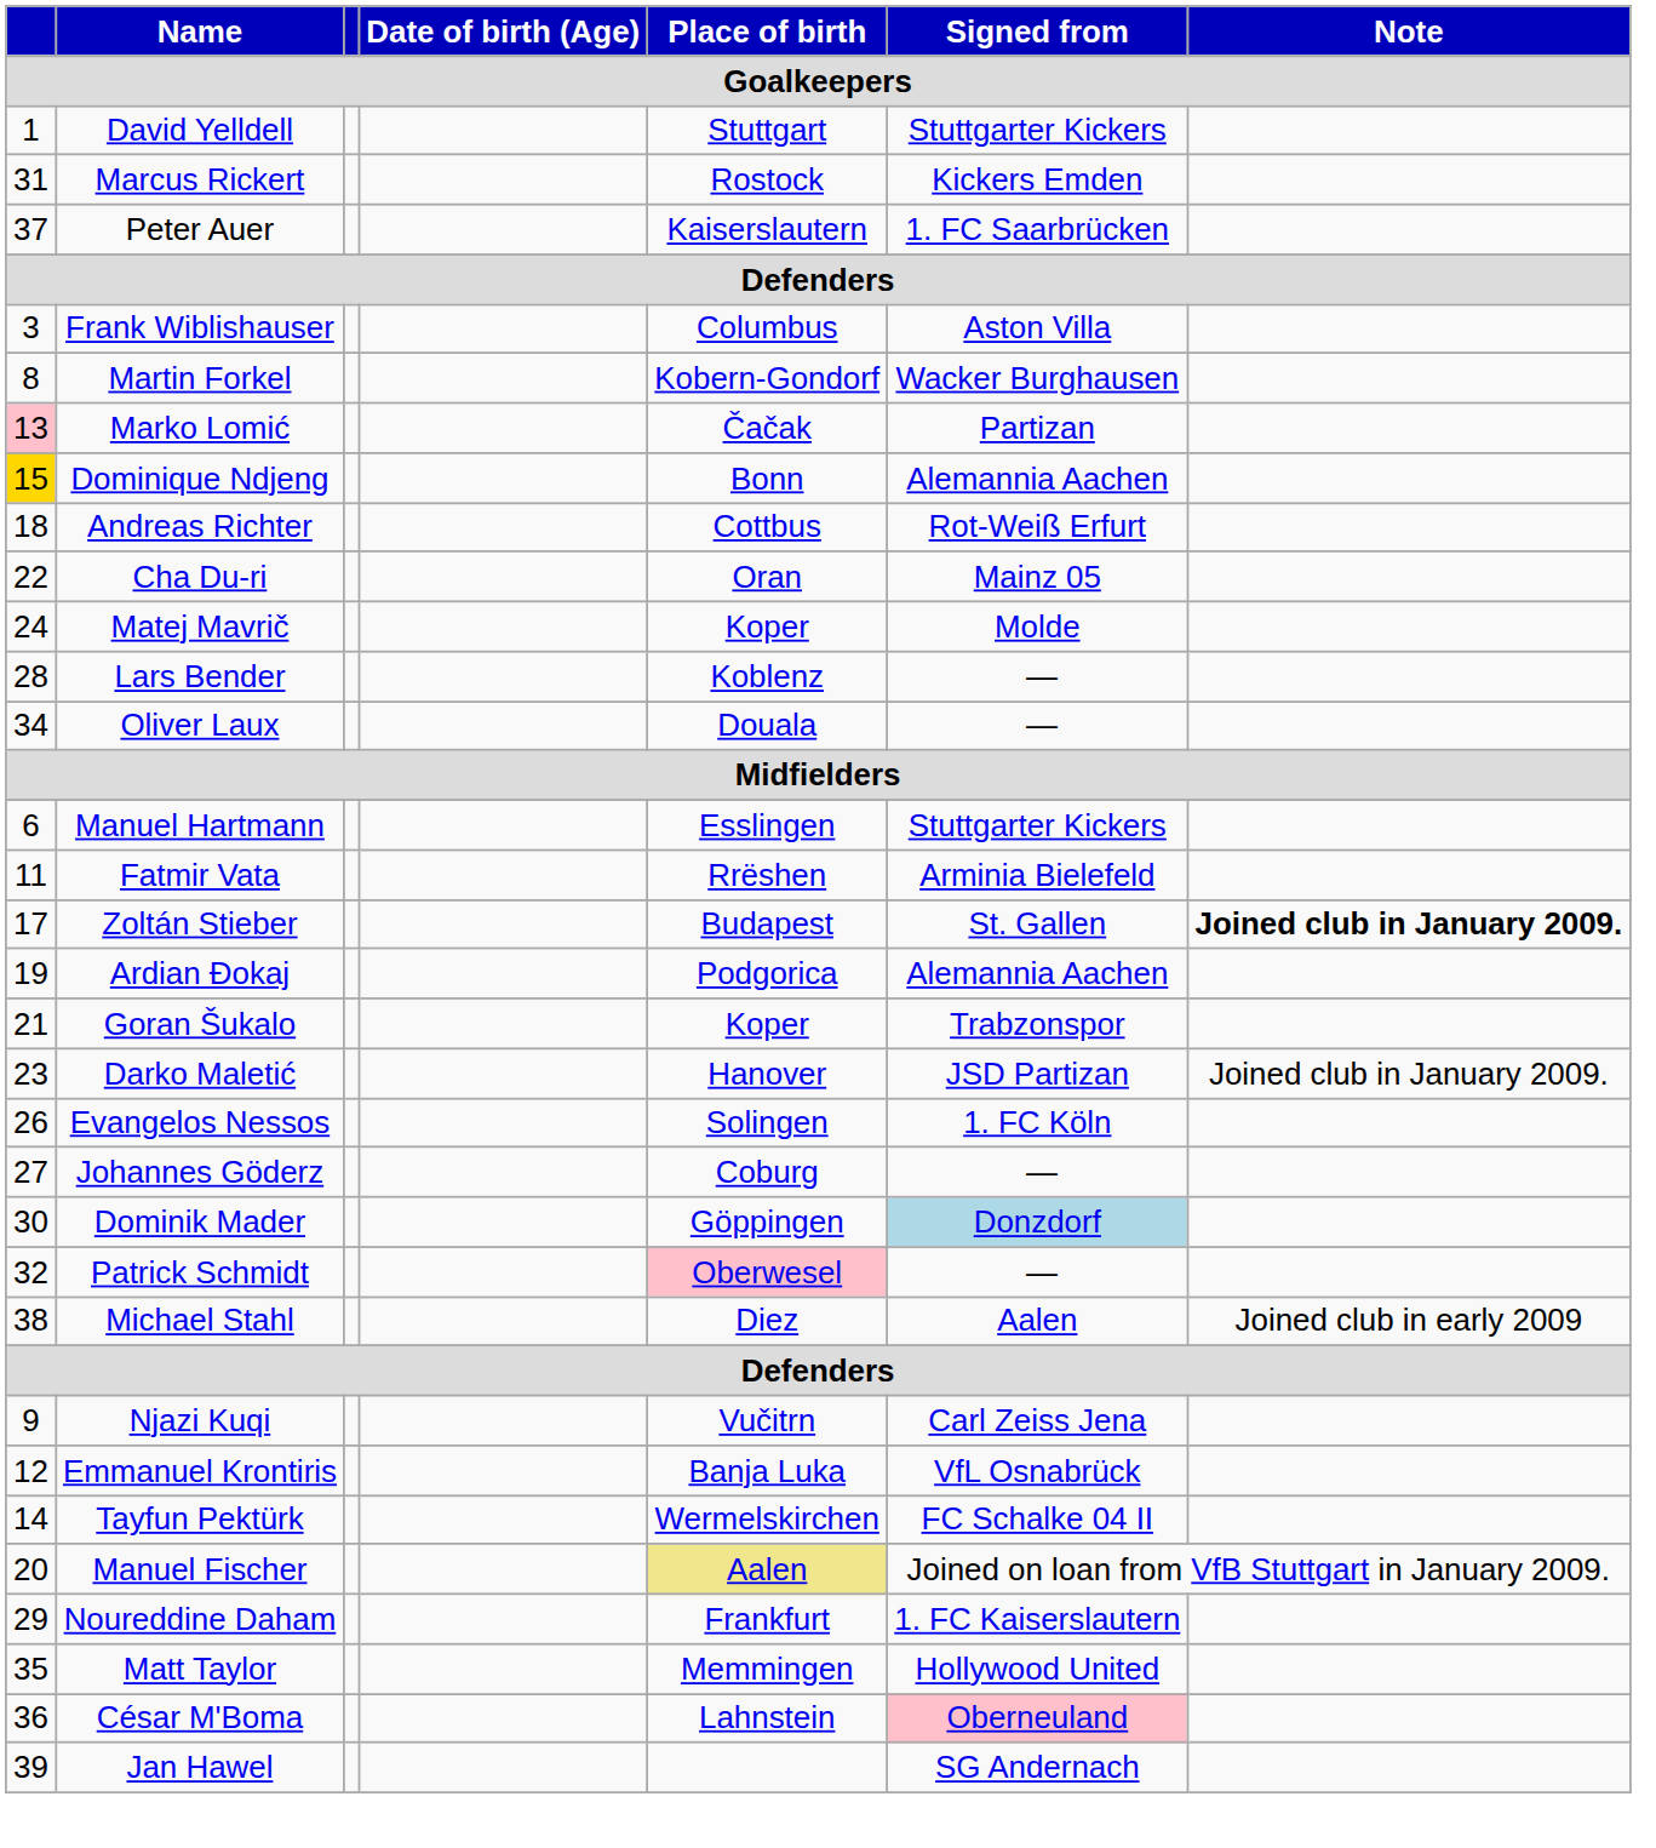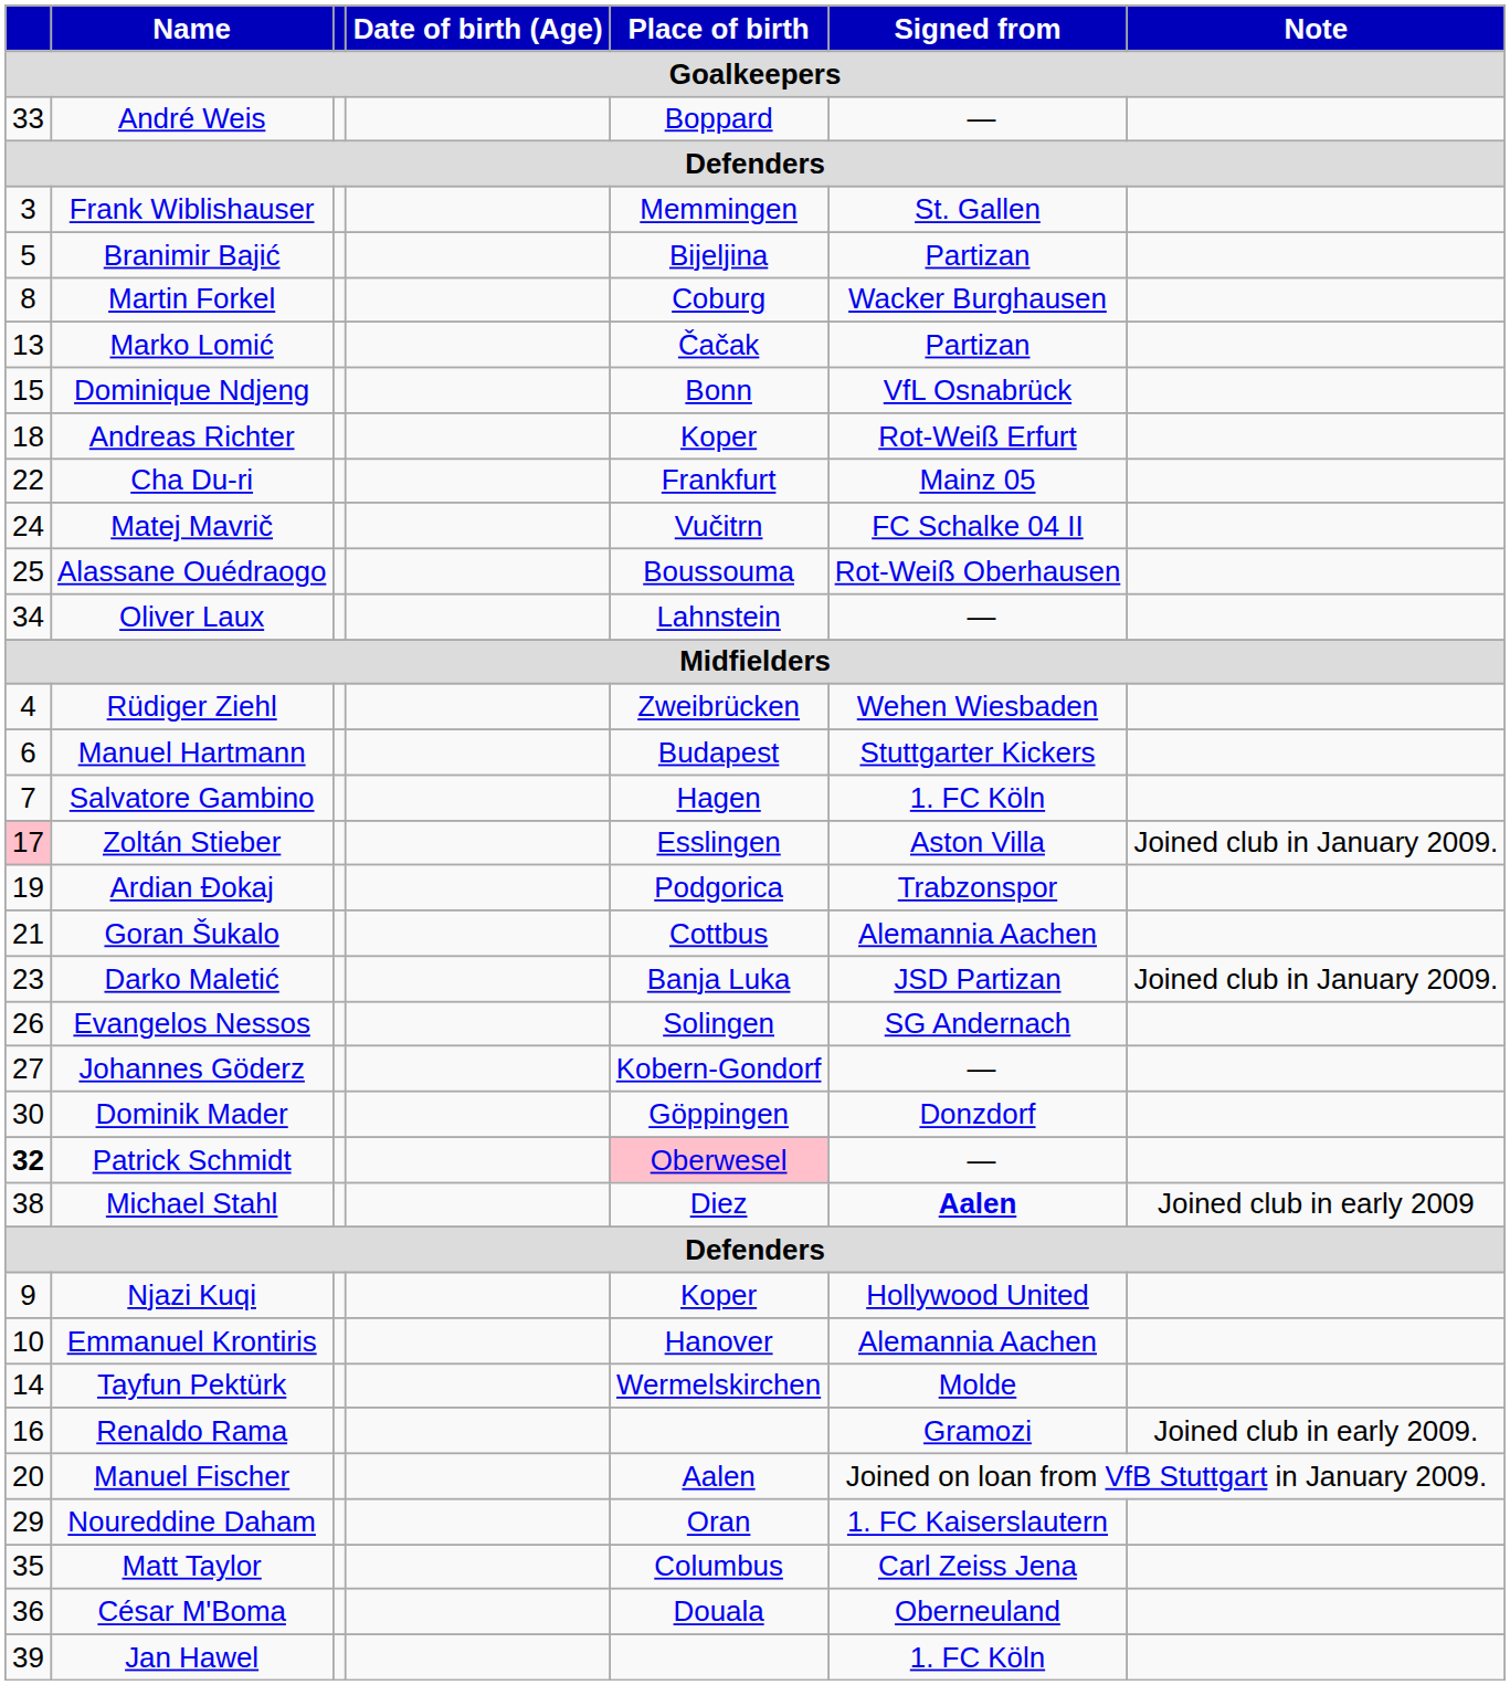 <table class="wikitable" style="text-align:center; font-size:90%;">
 <tr>
 <th style="background:#0000BB; color:white; text-align:center;"></th>
 <th style="background:#0000BB; color:white; text-align:center;">Name</th>
 <th style="background:#0000BB; color:white; text-align:center;"></th>
 <th style="background:#0000BB; color:white; text-align:center;">Date of birth (Age)</th>
 <th style="background:#0000BB; color:white; text-align:center;">Place of birth</th>
 <th style="background:#0000BB; color:white; text-align:center;">Signed from</th>
 <th style="background:#0000BB; color:white; text-align:center;">Note</th>
 </tr>
 <tr>
 <th colspan="7" style="background:#dcdcdc; text-align:center;">Goalkeepers</th>
 </tr>
 <tr>
-<td>1</td>
-<td><a href='#'>David Yelldell</a></td>
+<td>33</td>
+<td><a href='#'>André Weis</a></td>
 <td></td>
 <td></td>
-<td><a href='#'>Stuttgart</a></td>
-<td><a href='#'>Stuttgarter Kickers</a></td>
-<td></td>
-</tr>
-<tr>
-<td>31</td>
-<td><a href='#'>Marcus Rickert</a></td>
-<td></td>
-<td></td>
-<td><a href='#'>Rostock</a></td>
-<td><a href='#'>Kickers Emden</a></td>
-<td></td>
-</tr>
-<tr>
-<td>37</td>
-<td>Peter Auer</td>
-<td></td>
-<td></td>
-<td><a href='#'>Kaiserslautern</a></td>
-<td><a href='#'>1. FC Saarbrücken</a></td>
+<td><a href='#'>Boppard</a></td>
+<td> —</td>
 <td></td>
 </tr>
 <tr>
 <th colspan="7" style="background:#dcdcdc; text-align:center;">Defenders</th>
 </tr>
 <tr>
 <td>3</td>
 <td><a href='#'>Frank Wiblishauser</a></td>
 <td></td>
 <td></td>
-<td><a href='#'>Columbus</a></td>
-<td><a href='#'>Aston Villa</a></td>
+<td><a href='#'>Memmingen</a></td>
+<td><a href='#'>St. Gallen</a></td>
+<td></td>
+</tr>
+<tr>
+<td>5</td>
+<td><a href='#'>Branimir Bajić</a></td>
+<td></td>
+<td></td>
+<td><a href='#'>Bijeljina</a></td>
+<td><a href='#'>Partizan</a></td>
 <td></td>
 </tr>
 <tr>
 <td>8</td>
 <td><a href='#'>Martin Forkel</a></td>
 <td></td>
 <td></td>
-<td><a href='#'>Kobern-Gondorf</a></td>
+<td><a href='#'>Coburg</a></td>
 <td><a href='#'>Wacker Burghausen</a></td>
 <td></td>
 </tr>
 <tr>
-<td style="background: pink;">13</td>
+<td>13</td>
 <td><a href='#'>Marko Lomić</a></td>
 <td></td>
 <td></td>
 <td><a href='#'>Čačak</a></td>
 <td><a href='#'>Partizan</a></td>
 <td></td>
 </tr>
 <tr>
-<td style="background: gold;">15</td>
+<td>15</td>
 <td><a href='#'>Dominique Ndjeng</a></td>
 <td></td>
 <td></td>
 <td><a href='#'>Bonn</a></td>
-<td><a href='#'>Alemannia Aachen</a></td>
+<td><a href='#'>VfL Osnabrück</a></td>
 <td></td>
 </tr>
 <tr>
 <td>18</td>
 <td><a href='#'>Andreas Richter</a></td>
 <td></td>
 <td></td>
-<td><a href='#'>Cottbus</a></td>
+<td><a href='#'>Koper</a></td>
 <td><a href='#'>Rot-Weiß Erfurt</a></td>
 <td></td>
 </tr>
 <tr>
 <td>22</td>
 <td><a href='#'>Cha Du-ri</a></td>
 <td></td>
 <td></td>
-<td><a href='#'>Oran</a></td>
+<td><a href='#'>Frankfurt</a></td>
 <td><a href='#'>Mainz 05</a></td>
 <td></td>
 </tr>
 <tr>
 <td>24</td>
 <td><a href='#'>Matej Mavrič</a></td>
 <td></td>
 <td></td>
-<td><a href='#'>Koper</a></td>
-<td><a href='#'>Molde</a></td>
+<td><a href='#'>Vučitrn</a></td>
+<td><a href='#'>FC Schalke 04 II</a></td>
 <td></td>
 </tr>
 <tr>
-<td>28</td>
-<td><a href='#'>Lars Bender</a></td>
+<td>25</td>
+<td><a href='#'>Alassane Ouédraogo</a></td>
 <td></td>
 <td></td>
-<td><a href='#'>Koblenz</a></td>
-<td> —</td>
+<td><a href='#'>Boussouma</a></td>
+<td><a href='#'>Rot-Weiß Oberhausen</a></td>
 <td></td>
 </tr>
 <tr>
 <td>34</td>
 <td><a href='#'>Oliver Laux</a></td>
 <td></td>
 <td></td>
-<td><a href='#'>Douala</a></td>
+<td><a href='#'>Lahnstein</a></td>
 <td> —</td>
 <td></td>
 </tr>
 <tr>
 <th colspan="7" style="background:#dcdcdc; text-align:center;">Midfielders</th>
 </tr>
 <tr>
+<td>4</td>
+<td><a href='#'>Rüdiger Ziehl</a></td>
+<td></td>
+<td></td>
+<td><a href='#'>Zweibrücken</a></td>
+<td><a href='#'>Wehen Wiesbaden</a></td>
+<td></td>
+</tr>
+<tr>
 <td>6</td>
 <td><a href='#'>Manuel Hartmann</a></td>
 <td></td>
 <td></td>
-<td><a href='#'>Esslingen</a></td>
+<td><a href='#'>Budapest</a></td>
 <td><a href='#'>Stuttgarter Kickers</a></td>
 <td></td>
 </tr>
 <tr>
-<td>11</td>
-<td><a href='#'>Fatmir Vata</a></td>
+<td>7</td>
+<td><a href='#'>Salvatore Gambino</a></td>
 <td></td>
 <td></td>
-<td><a href='#'>Rrëshen</a></td>
-<td><a href='#'>Arminia Bielefeld</a></td>
+<td><a href='#'>Hagen</a></td>
+<td><a href='#'>1. FC Köln</a></td>
 <td></td>
 </tr>
 <tr>
-<td>17</td>
+<td style="background: pink;">17</td>
 <td><a href='#'>Zoltán Stieber</a></td>
 <td></td>
 <td></td>
-<td><a href='#'>Budapest</a></td>
-<td><a href='#'>St. Gallen</a></td>
-<td><strong>Joined club in January 2009.</strong></td>
+<td><a href='#'>Esslingen</a></td>
+<td><a href='#'>Aston Villa</a></td>
+<td>Joined club in January 2009.</td>
 </tr>
 <tr>
 <td>19</td>
 <td><a href='#'>Ardian Đokaj</a></td>
 <td></td>
 <td></td>
 <td><a href='#'>Podgorica</a></td>
-<td><a href='#'>Alemannia Aachen</a></td>
+<td><a href='#'>Trabzonspor</a></td>
 <td></td>
 </tr>
 <tr>
 <td>21</td>
 <td><a href='#'>Goran Šukalo</a></td>
 <td></td>
 <td></td>
-<td><a href='#'>Koper</a></td>
-<td><a href='#'>Trabzonspor</a></td>
+<td><a href='#'>Cottbus</a></td>
+<td><a href='#'>Alemannia Aachen</a></td>
 <td></td>
 </tr>
 <tr>
 <td>23</td>
 <td><a href='#'>Darko Maletić</a></td>
 <td></td>
 <td></td>
-<td><a href='#'>Hanover</a></td>
+<td><a href='#'>Banja Luka</a></td>
 <td><a href='#'>JSD Partizan</a></td>
 <td>Joined club in January 2009.</td>
 </tr>
 <tr>
 <td>26</td>
 <td><a href='#'>Evangelos Nessos</a></td>
 <td></td>
 <td></td>
 <td><a href='#'>Solingen</a></td>
-<td><a href='#'>1. FC Köln</a></td>
+<td><a href='#'>SG Andernach</a></td>
 <td></td>
 </tr>
 <tr>
 <td>27</td>
 <td><a href='#'>Johannes Göderz</a></td>
 <td></td>
 <td></td>
-<td><a href='#'>Coburg</a></td>
+<td><a href='#'>Kobern-Gondorf</a></td>
 <td> —</td>
 <td></td>
 </tr>
 <tr>
 <td>30</td>
 <td><a href='#'>Dominik Mader</a></td>
 <td></td>
 <td></td>
 <td><a href='#'>Göppingen</a></td>
-<td style="background: lightblue;"><a href='#'>Donzdorf</a></td>
+<td><a href='#'>Donzdorf</a></td>
 <td></td>
 </tr>
 <tr>
-<td>32</td>
+<td><strong>32</strong></td>
 <td><a href='#'>Patrick Schmidt</a></td>
 <td></td>
 <td></td>
 <td style="background: pink;"><a href='#'>Oberwesel</a></td>
 <td> —</td>
 <td></td>
 </tr>
 <tr>
 <td>38</td>
 <td><a href='#'>Michael Stahl</a></td>
 <td></td>
 <td></td>
 <td><a href='#'>Diez</a></td>
-<td><a href='#'>Aalen</a></td>
+<td><strong><a href='#'>Aalen</a></strong></td>
 <td>Joined club in early 2009</td>
 </tr>
 <tr>
 <th colspan="7" style="background:#dcdcdc; text-align:center;">Defenders</th>
 </tr>
 <tr>
 <td>9</td>
 <td><a href='#'>Njazi Kuqi</a></td>
 <td></td>
 <td></td>
-<td><a href='#'>Vučitrn</a></td>
-<td><a href='#'>Carl Zeiss Jena</a></td>
+<td><a href='#'>Koper</a></td>
+<td><a href='#'>Hollywood United</a></td>
 <td></td>
 </tr>
 <tr>
-<td>12</td>
+<td>10</td>
 <td><a href='#'>Emmanuel Krontiris</a></td>
 <td></td>
 <td></td>
-<td><a href='#'>Banja Luka</a></td>
-<td><a href='#'>VfL Osnabrück</a></td>
+<td><a href='#'>Hanover</a></td>
+<td><a href='#'>Alemannia Aachen</a></td>
 <td></td>
 </tr>
 <tr>
 <td>14</td>
 <td><a href='#'>Tayfun Pektürk</a></td>
 <td></td>
 <td></td>
 <td><a href='#'>Wermelskirchen</a></td>
-<td><a href='#'>FC Schalke 04 II</a></td>
+<td><a href='#'>Molde</a></td>
 <td></td>
+</tr>
+<tr>
+<td>16</td>
+<td><a href='#'>Renaldo Rama</a></td>
+<td></td>
+<td></td>
+<td></td>
+<td><a href='#'>Gramozi</a></td>
+<td>Joined club in early 2009.</td>
 </tr>
 <tr>
 <td>20</td>
 <td><a href='#'>Manuel Fischer</a></td>
 <td></td>
 <td></td>
-<td style="background: khaki;"><a href='#'>Aalen</a></td>
+<td><a href='#'>Aalen</a></td>
 <td colspan="2">Joined on loan from <a href='#'>VfB Stuttgart</a> in January 2009.</td>
 </tr>
 <tr>
 <td>29</td>
 <td><a href='#'>Noureddine Daham</a></td>
 <td></td>
 <td></td>
-<td><a href='#'>Frankfurt</a></td>
+<td><a href='#'>Oran</a></td>
 <td><a href='#'>1. FC Kaiserslautern</a></td>
 <td></td>
 </tr>
 <tr>
 <td>35</td>
 <td><a href='#'>Matt Taylor</a></td>
 <td></td>
 <td></td>
-<td><a href='#'>Memmingen</a></td>
-<td><a href='#'>Hollywood United</a></td>
+<td><a href='#'>Columbus</a></td>
+<td><a href='#'>Carl Zeiss Jena</a></td>
 <td></td>
 </tr>
 <tr>
 <td>36</td>
 <td><a href='#'>César M'Boma</a></td>
 <td></td>
 <td></td>
-<td><a href='#'>Lahnstein</a></td>
-<td style="background: pink;"><a href='#'>Oberneuland</a></td>
+<td><a href='#'>Douala</a></td>
+<td><a href='#'>Oberneuland</a></td>
 <td></td>
 </tr>
 <tr>
 <td>39</td>
 <td><a href='#'>Jan Hawel</a></td>
 <td></td>
 <td></td>
 <td></td>
-<td><a href='#'>SG Andernach</a></td>
+<td><a href='#'>1. FC Köln</a></td>
 <td></td>
 </tr>
 </table>
